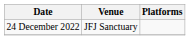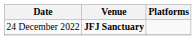 <table class="wikitable" style="text-align:center;">
 <tr>
 <th>Date</th>
 <th>Venue</th>
 <th>Platforms</th>
 </tr>
 <tr>
 <td>24 December 2022</td>
-<td>JFJ Sanctuary</td>
+<td><strong>JFJ Sanctuary</strong></td>
 <td></td>
 </tr>
 <tr>
 </tr>
 </table>
